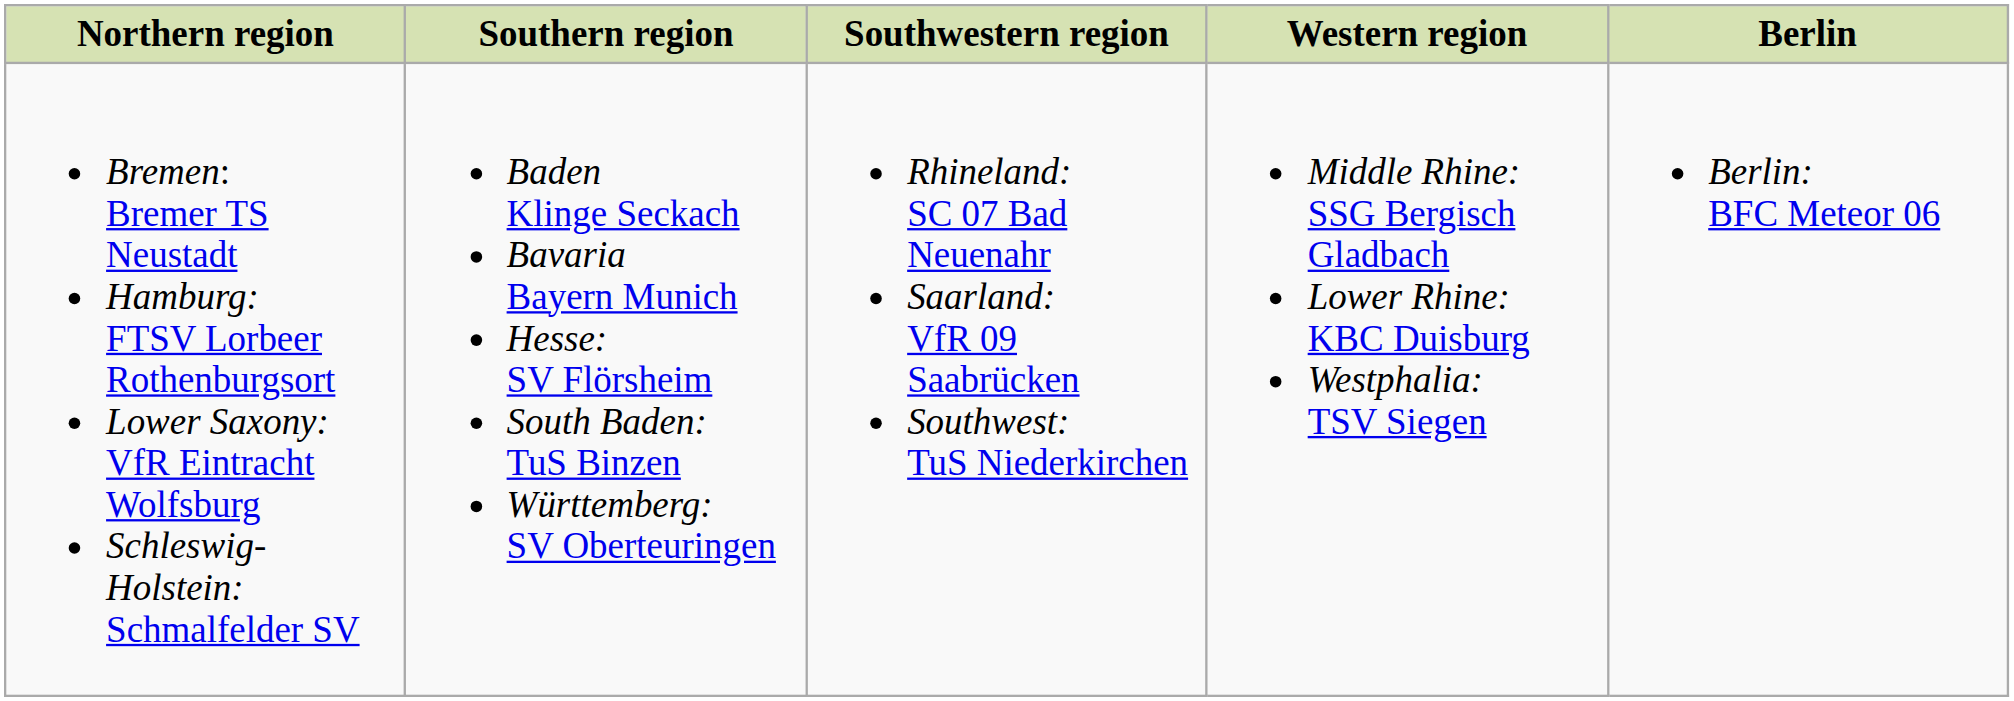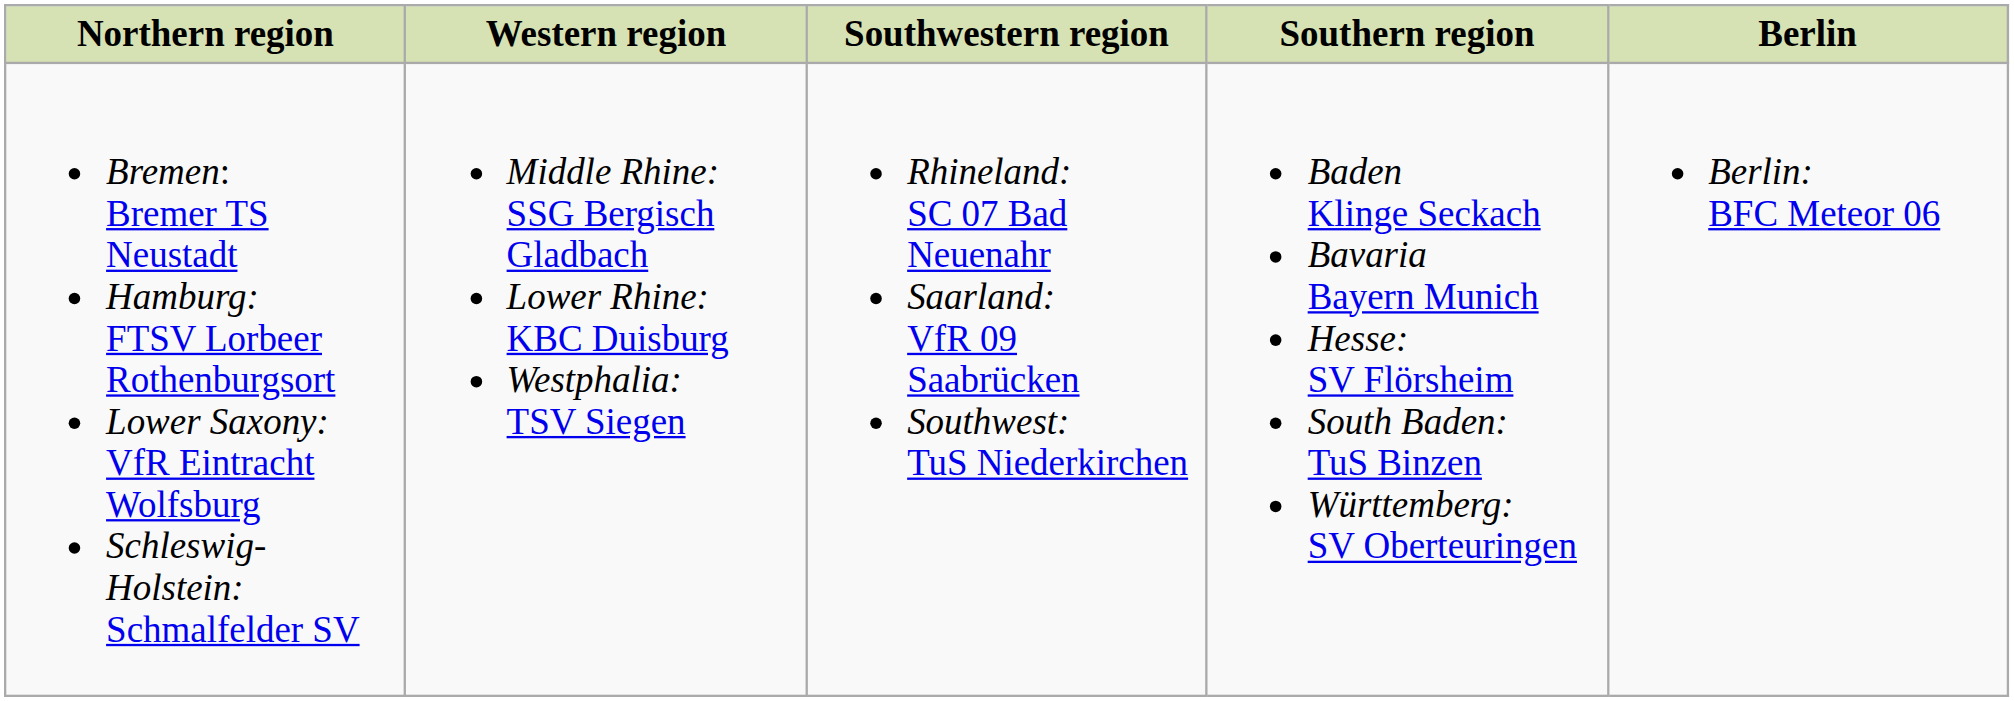 <table class="wikitable">
 <tr valign="top" style="background-color: #d6e2b3;">
 <td style="width: 20%; text-align:center;"><strong>Northern region</strong></td>
+<td style="width: 20%; text-align:center;"><strong>Western region</strong></td>
+<td style="width: 20%; text-align:center;"><strong>Southwestern region</strong></td>
 <td style="width: 20%; text-align:center;"><strong>Southern region</strong></td>
-<td style="width: 20%; text-align:center;"><strong>Southwestern region</strong></td>
-<td style="width: 20%; text-align:center;"><strong>Western region</strong></td>
 <td style="width: 20%; text-align:center;"><strong>Berlin</strong></td>
 </tr>
 <tr valign="top">
 <td><br><ul><li><em>Bremen</em>:<br><a href='#'>Bremer TS Neustadt</a></li><li><em>Hamburg:</em><br><a href='#'>FTSV Lorbeer Rothenburgsort</a></li><li><em>Lower Saxony:</em><br><a href='#'>VfR Eintracht Wolfsburg</a></li><li><em>Schleswig-Holstein:</em><br><a href='#'>Schmalfelder SV</a></li></ul></td>
+<td><br><ul><li><em>Middle Rhine:</em><br><a href='#'>SSG Bergisch Gladbach</a></li><li><em>Lower Rhine:</em><br><a href='#'>KBC Duisburg</a></li><li><em>Westphalia:</em><br><a href='#'>TSV Siegen</a></li></ul></td>
+<td><br><ul><li><em>Rhineland:</em><br><a href='#'>SC 07 Bad Neuenahr</a></li><li><em>Saarland:</em> <br><a href='#'>VfR 09 Saabrücken</a></li><li><em>Southwest:</em><br><a href='#'>TuS Niederkirchen</a></li></ul></td>
 <td><br><ul><li><em>Baden</em><br><a href='#'>Klinge Seckach</a></li><li><em>Bavaria</em><br><a href='#'>Bayern Munich</a></li><li><em>Hesse:</em><br><a href='#'>SV Flörsheim</a></li><li><em>South Baden:</em><br><a href='#'>TuS Binzen</a></li><li><em>Württemberg:</em><br><a href='#'>SV Oberteuringen</a></li></ul></td>
-<td><br><ul><li><em>Rhineland:</em><br><a href='#'>SC 07 Bad Neuenahr</a></li><li><em>Saarland:</em> <br><a href='#'>VfR 09 Saabrücken</a></li><li><em>Southwest:</em><br><a href='#'>TuS Niederkirchen</a></li></ul></td>
-<td><br><ul><li><em>Middle Rhine:</em><br><a href='#'>SSG Bergisch Gladbach</a></li><li><em>Lower Rhine:</em><br><a href='#'>KBC Duisburg</a></li><li><em>Westphalia:</em><br><a href='#'>TSV Siegen</a></li></ul></td>
 <td><br><ul><li><em>Berlin:</em><br><a href='#'>BFC Meteor 06</a></li></ul></td>
 </tr>
 </table>
